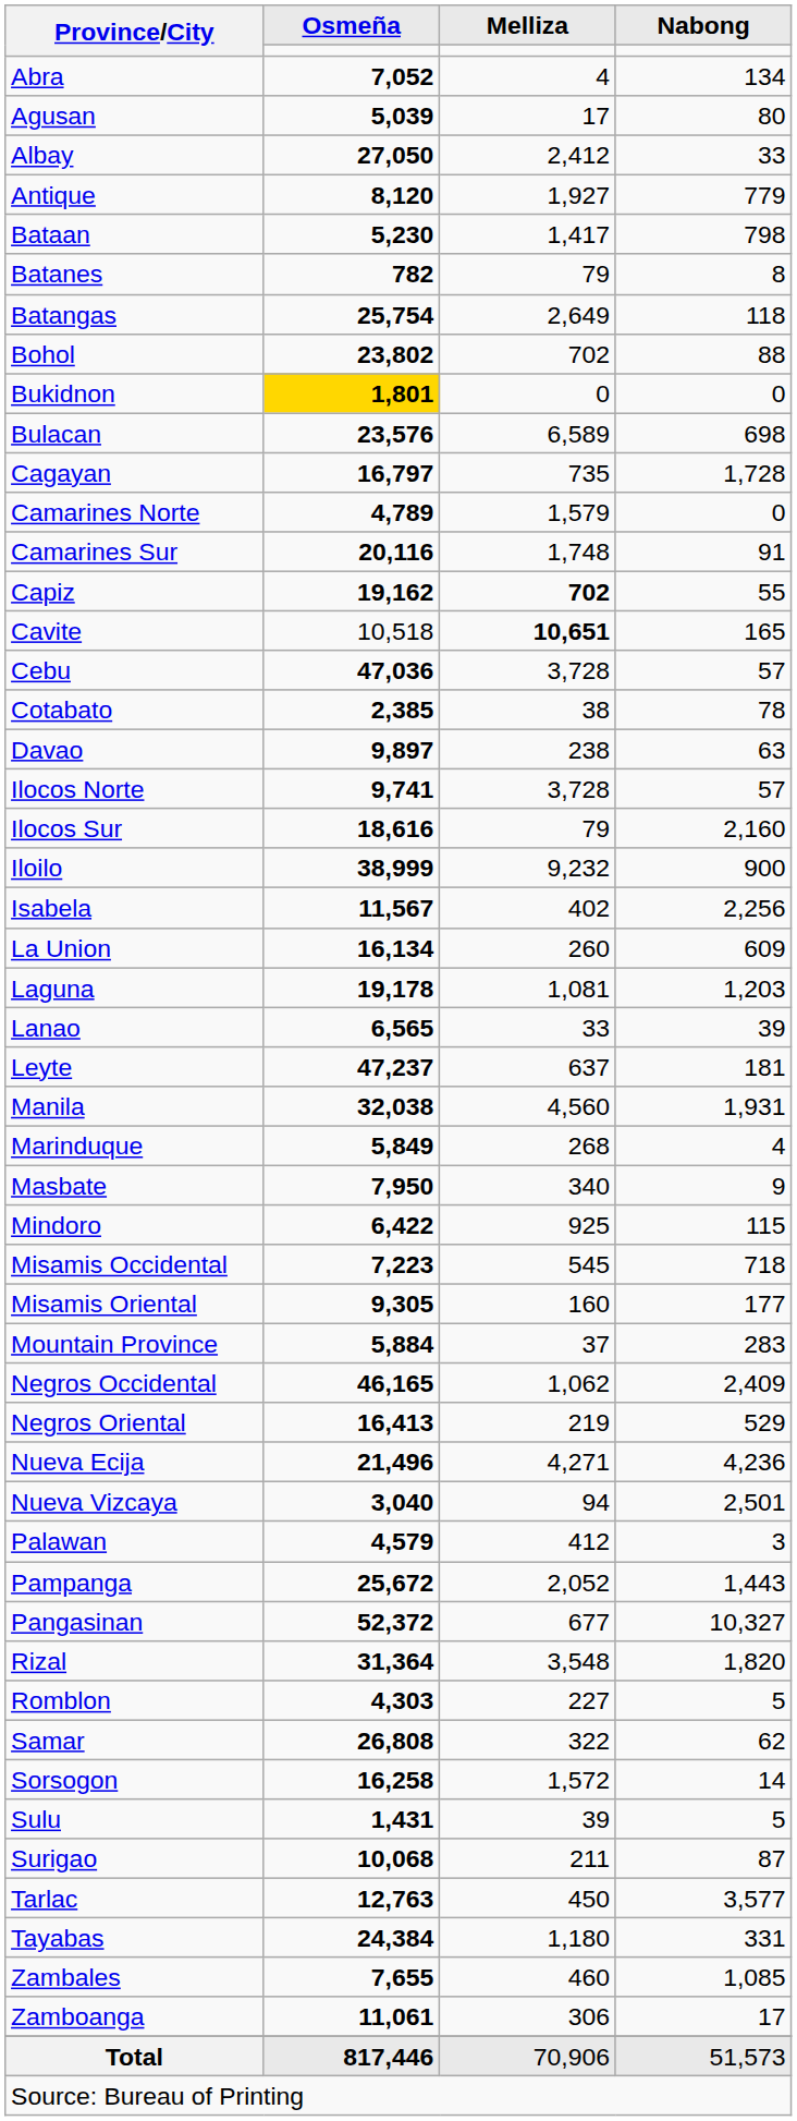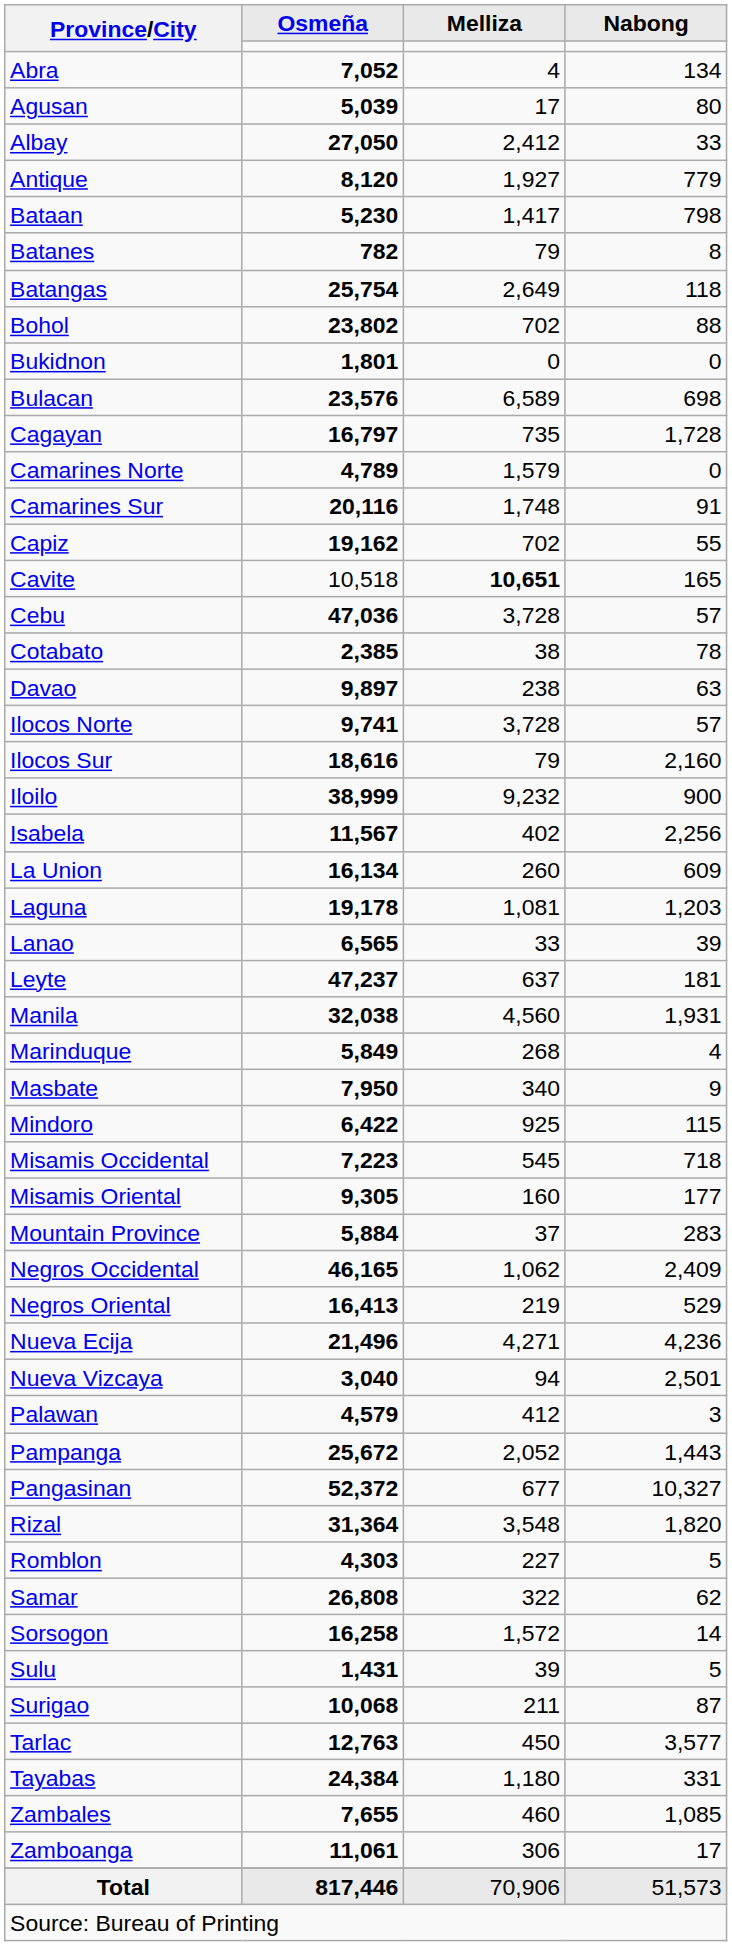 <table class="wikitable" style="text-align:right; font-size:95%">
 <tr>
 <th rowspan="2" align="left" width="150px"><a href='#'>Province</a>/<a href='#'>City</a></th>
 <th align="center" width="100px" style="background: #E9E9E9"><a href='#'>Osmeña</a></th>
 <th align="center" width="100px" style="background: #E9E9E9">Melliza</th>
 <th align="center" width="100px" style="background: #E9E9E9">Nabong</th>
 </tr>
 <tr>
 <td></td>
 <td></td>
 <td></td>
 </tr>
 <tr>
 <td align="left"><a href='#'>Abra</a></td>
 <td><strong>7,052</strong></td>
 <td>4</td>
 <td>134</td>
 </tr>
 <tr>
 <td align="left"><a href='#'>Agusan</a></td>
 <td><strong>5,039</strong></td>
 <td>17</td>
 <td>80</td>
 </tr>
 <tr>
 <td align="left"><a href='#'>Albay</a></td>
 <td><strong>27,050</strong></td>
 <td>2,412</td>
 <td>33</td>
 </tr>
 <tr>
 <td align="left"><a href='#'>Antique</a></td>
 <td><strong>8,120</strong></td>
 <td>1,927</td>
 <td>779</td>
 </tr>
 <tr>
 <td align="left"><a href='#'>Bataan</a></td>
 <td><strong>5,230</strong></td>
 <td>1,417</td>
 <td>798</td>
 </tr>
 <tr>
 <td align="left"><a href='#'>Batanes</a></td>
 <td><strong>782</strong></td>
 <td>79</td>
 <td>8</td>
 </tr>
 <tr>
 <td align="left"><a href='#'>Batangas</a></td>
 <td><strong>25,754</strong></td>
 <td>2,649</td>
 <td>118</td>
 </tr>
 <tr>
 <td align="left"><a href='#'>Bohol</a></td>
 <td><strong>23,802</strong></td>
 <td>702</td>
 <td>88</td>
 </tr>
 <tr>
 <td align="left"><a href='#'>Bukidnon</a></td>
-<td style="background: gold;"><strong>1,801</strong></td>
+<td><strong>1,801</strong></td>
 <td>0</td>
 <td>0</td>
 </tr>
 <tr>
 <td align="left"><a href='#'>Bulacan</a></td>
 <td><strong>23,576</strong></td>
 <td>6,589</td>
 <td>698</td>
 </tr>
 <tr>
 <td align="left"><a href='#'>Cagayan</a></td>
 <td><strong>16,797</strong></td>
 <td>735</td>
 <td>1,728</td>
 </tr>
 <tr>
 <td align="left"><a href='#'>Camarines Norte</a></td>
 <td><strong>4,789</strong></td>
 <td>1,579</td>
 <td>0</td>
 </tr>
 <tr>
 <td align="left"><a href='#'>Camarines Sur</a></td>
 <td><strong>20,116</strong></td>
 <td>1,748</td>
 <td>91</td>
 </tr>
 <tr>
 <td align="left"><a href='#'>Capiz</a></td>
 <td><strong>19,162</strong></td>
-<td><strong>702</strong></td>
+<td>702</td>
 <td>55</td>
 </tr>
 <tr>
 <td align="left"><a href='#'>Cavite</a></td>
 <td>10,518</td>
 <td><strong>10,651</strong></td>
 <td>165</td>
 </tr>
 <tr>
 <td align="left"><a href='#'>Cebu</a></td>
 <td><strong>47,036</strong></td>
 <td>3,728</td>
 <td>57</td>
 </tr>
 <tr>
 <td align="left"><a href='#'>Cotabato</a></td>
 <td><strong>2,385</strong></td>
 <td>38</td>
 <td>78</td>
 </tr>
 <tr>
 <td align="left"><a href='#'>Davao</a></td>
 <td><strong>9,897</strong></td>
 <td>238</td>
 <td>63</td>
 </tr>
 <tr>
 <td align="left"><a href='#'>Ilocos Norte</a></td>
 <td><strong>9,741</strong></td>
 <td>3,728</td>
 <td>57</td>
 </tr>
 <tr>
 <td align="left"><a href='#'>Ilocos Sur</a></td>
 <td><strong>18,616</strong></td>
 <td>79</td>
 <td>2,160</td>
 </tr>
 <tr>
 <td align="left"><a href='#'>Iloilo</a></td>
 <td><strong>38,999</strong></td>
 <td>9,232</td>
 <td>900</td>
 </tr>
 <tr>
 <td align="left"><a href='#'>Isabela</a></td>
 <td><strong>11,567</strong></td>
 <td>402</td>
 <td>2,256</td>
 </tr>
 <tr>
 <td align="left"><a href='#'>La Union</a></td>
 <td><strong>16,134</strong></td>
 <td>260</td>
 <td>609</td>
 </tr>
 <tr>
 <td align="left"><a href='#'>Laguna</a></td>
 <td><strong>19,178</strong></td>
 <td>1,081</td>
 <td>1,203</td>
 </tr>
 <tr>
 <td align="left"><a href='#'>Lanao</a></td>
 <td><strong>6,565</strong></td>
 <td>33</td>
 <td>39</td>
 </tr>
 <tr>
 <td align="left"><a href='#'>Leyte</a></td>
 <td><strong>47,237</strong></td>
 <td>637</td>
 <td>181</td>
 </tr>
 <tr>
 <td align="left"><a href='#'>Manila</a></td>
 <td><strong>32,038</strong></td>
 <td>4,560</td>
 <td>1,931</td>
 </tr>
 <tr>
 <td align="left"><a href='#'>Marinduque</a></td>
 <td><strong>5,849</strong></td>
 <td>268</td>
 <td>4</td>
 </tr>
 <tr>
 <td align="left"><a href='#'>Masbate</a></td>
 <td><strong>7,950</strong></td>
 <td>340</td>
 <td>9</td>
 </tr>
 <tr>
 <td align="left"><a href='#'>Mindoro</a></td>
 <td><strong>6,422</strong></td>
 <td>925</td>
 <td>115</td>
 </tr>
 <tr>
 <td align="left"><a href='#'>Misamis Occidental</a></td>
 <td><strong>7,223</strong></td>
 <td>545</td>
 <td>718</td>
 </tr>
 <tr>
 <td align="left"><a href='#'>Misamis Oriental</a></td>
 <td><strong>9,305</strong></td>
 <td>160</td>
 <td>177</td>
 </tr>
 <tr>
 <td align="left"><a href='#'>Mountain Province</a></td>
 <td><strong>5,884</strong></td>
 <td>37</td>
 <td>283</td>
 </tr>
 <tr>
 <td align="left"><a href='#'>Negros Occidental</a></td>
 <td><strong>46,165</strong></td>
 <td>1,062</td>
 <td>2,409</td>
 </tr>
 <tr>
 <td align="left"><a href='#'>Negros Oriental</a></td>
 <td><strong>16,413</strong></td>
 <td>219</td>
 <td>529</td>
 </tr>
 <tr>
 <td align="left"><a href='#'>Nueva Ecija</a></td>
 <td><strong>21,496</strong></td>
 <td>4,271</td>
 <td>4,236</td>
 </tr>
 <tr>
 <td align="left"><a href='#'>Nueva Vizcaya</a></td>
 <td><strong>3,040</strong></td>
 <td>94</td>
 <td>2,501</td>
 </tr>
 <tr>
 <td align="left"><a href='#'>Palawan</a></td>
 <td><strong>4,579</strong></td>
 <td>412</td>
 <td>3</td>
 </tr>
 <tr>
 <td align="left"><a href='#'>Pampanga</a></td>
 <td><strong>25,672</strong></td>
 <td>2,052</td>
 <td>1,443</td>
 </tr>
 <tr>
 <td align="left"><a href='#'>Pangasinan</a></td>
 <td><strong>52,372</strong></td>
 <td>677</td>
 <td>10,327</td>
 </tr>
 <tr>
 <td align="left"><a href='#'>Rizal</a></td>
 <td><strong>31,364</strong></td>
 <td>3,548</td>
 <td>1,820</td>
 </tr>
 <tr>
 <td align="left"><a href='#'>Romblon</a></td>
 <td><strong>4,303</strong></td>
 <td>227</td>
 <td>5</td>
 </tr>
 <tr>
 <td align="left"><a href='#'>Samar</a></td>
 <td><strong>26,808</strong></td>
 <td>322</td>
 <td>62</td>
 </tr>
 <tr>
 <td align="left"><a href='#'>Sorsogon</a></td>
 <td><strong>16,258</strong></td>
 <td>1,572</td>
 <td>14</td>
 </tr>
 <tr>
 <td align="left"><a href='#'>Sulu</a></td>
 <td><strong>1,431</strong></td>
 <td>39</td>
 <td>5</td>
 </tr>
 <tr>
 <td align="left"><a href='#'>Surigao</a></td>
 <td><strong>10,068</strong></td>
 <td>211</td>
 <td>87</td>
 </tr>
 <tr>
 <td align="left"><a href='#'>Tarlac</a></td>
 <td><strong>12,763</strong></td>
 <td>450</td>
 <td>3,577</td>
 </tr>
 <tr>
 <td align="left"><a href='#'>Tayabas</a></td>
 <td><strong>24,384</strong></td>
 <td>1,180</td>
 <td>331</td>
 </tr>
 <tr>
 <td align="left"><a href='#'>Zambales</a></td>
 <td><strong>7,655</strong></td>
 <td>460</td>
 <td>1,085</td>
 </tr>
 <tr>
 <td align="left"><a href='#'>Zamboanga</a></td>
 <td><strong>11,061</strong></td>
 <td>306</td>
 <td>17</td>
 </tr>
 <tr>
 </tr>
 <tr style="background:#E9E9E9">
 <th align="center"><strong>Total</strong></th>
 <td><strong>817,446</strong></td>
 <td>70,906</td>
 <td>51,573</td>
 </tr>
 <tr>
 <td colspan="4" align="left">Source: Bureau of Printing</td>
 </tr>
 </table>
